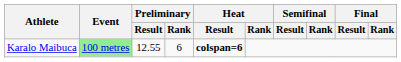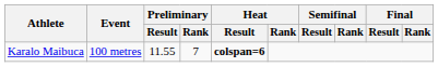 <table class="wikitable" style="font-size:90%">
 <tr>
 <th rowspan="2">Athlete</th>
 <th rowspan="2">Event</th>
 <th colspan="2">Preliminary</th>
 <th colspan="2">Heat</th>
 <th colspan="2">Semifinal</th>
 <th colspan="2">Final</th>
 </tr>
 <tr style="font-size:95%">
 <th>Result</th>
 <th>Rank</th>
 <th>Result</th>
 <th>Rank</th>
 <th>Result</th>
 <th>Rank</th>
 <th>Result</th>
 <th>Rank</th>
 </tr>
 <tr align=center>
 <td align=left><a href='#'>Karalo Maibuca</a></td>
-<td align=left style="background: lightgreen;"><a href='#'>100 metres</a></td>
-<td>12.55 </td>
-<td>6</td>
+<td align=left><a href='#'>100 metres</a></td>
+<td>11.55 </td>
+<td>7</td>
 <td><strong>colspan=6 </strong></td>
 </tr>
 </table>
